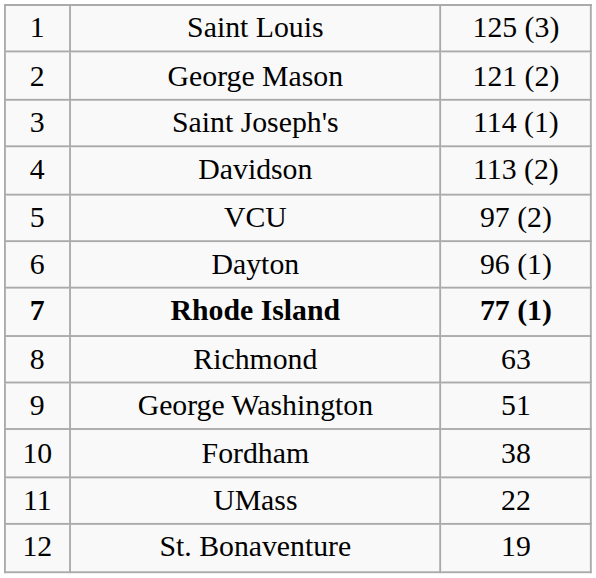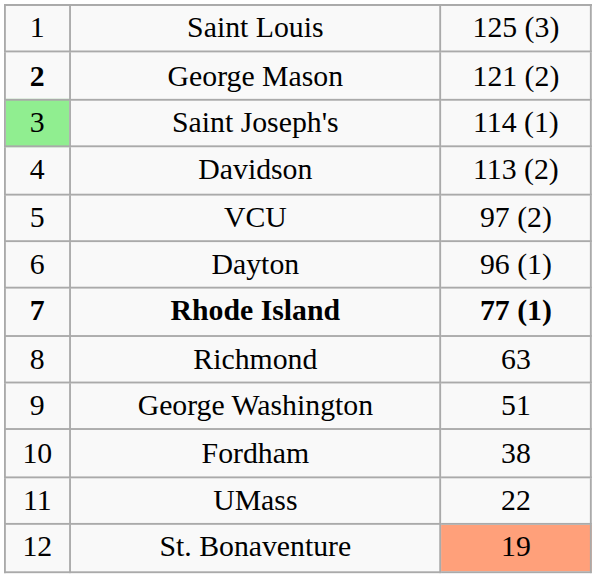 <table class="wikitable" style="width: 25%;text-align: center;">
 <tr align="center">
 </tr>
 <tr align="center">
 <td>1</td>
 <td>Saint Louis</td>
 <td>125 (3)</td>
 </tr>
 <tr>
-<td>2</td>
+<td><strong>2</strong></td>
 <td>George Mason</td>
 <td>121 (2)</td>
 </tr>
 <tr>
-<td>3</td>
+<td style="background: lightgreen;">3</td>
 <td>Saint Joseph's</td>
 <td>114 (1)</td>
 </tr>
 <tr>
 <td>4</td>
 <td>Davidson</td>
 <td>113 (2)</td>
 </tr>
 <tr>
 <td>5</td>
 <td>VCU</td>
 <td>97 (2)</td>
 </tr>
 <tr>
 <td>6</td>
 <td>Dayton</td>
 <td>96 (1)</td>
 </tr>
 <tr>
 <td><strong>7</strong></td>
 <td><strong>Rhode Island</strong></td>
 <td><strong>77 (1)</strong></td>
 </tr>
 <tr>
 <td>8</td>
 <td>Richmond</td>
 <td>63</td>
 </tr>
 <tr>
 <td>9</td>
 <td>George Washington</td>
 <td>51</td>
 </tr>
 <tr>
 <td>10</td>
 <td>Fordham</td>
 <td>38</td>
 </tr>
 <tr>
 <td>11</td>
 <td>UMass</td>
 <td>22</td>
 </tr>
 <tr>
 <td>12</td>
 <td>St. Bonaventure</td>
-<td>19</td>
+<td style="background: lightsalmon;">19</td>
 </tr>
 </table>
